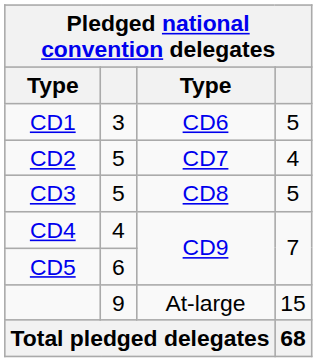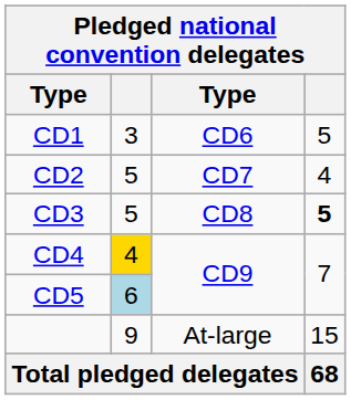 <table class="wikitable sortable" style="font-size:90%;text-align:center;float:right;padding:5px;">
 <tr>
 <th colspan="4">Pledged <a href='#'>national<br>convention</a> delegates</th>
 </tr>
 <tr>
 <th>Type</th>
 <th></th>
 <th>Type</th>
 <th></th>
 </tr>
 <tr>
 <td><a href='#'>CD1</a></td>
 <td>3</td>
 <td><a href='#'>CD6</a></td>
 <td>5</td>
 </tr>
 <tr>
 <td><a href='#'>CD2</a></td>
 <td>5</td>
 <td><a href='#'>CD7</a></td>
 <td>4</td>
 </tr>
 <tr>
 <td><a href='#'>CD3</a></td>
 <td>5</td>
 <td><a href='#'>CD8</a></td>
-<td>5</td>
+<td><strong>5</strong></td>
 </tr>
 <tr>
 <td><a href='#'>CD4</a></td>
-<td>4</td>
+<td style="background: gold;">4</td>
 <td rowspan="2"><a href='#'>CD9</a></td>
 <td rowspan="2">7</td>
 </tr>
 <tr>
 <td><a href='#'>CD5</a></td>
-<td>6</td>
+<td style="background: lightblue;">6</td>
 </tr>
 <tr>
 <td></td>
 <td>9</td>
 <td>At-large</td>
 <td>15</td>
 </tr>
 <tr>
 <th colspan="3">Total pledged delegates</th>
 <th>68</th>
 </tr>
 </table>
